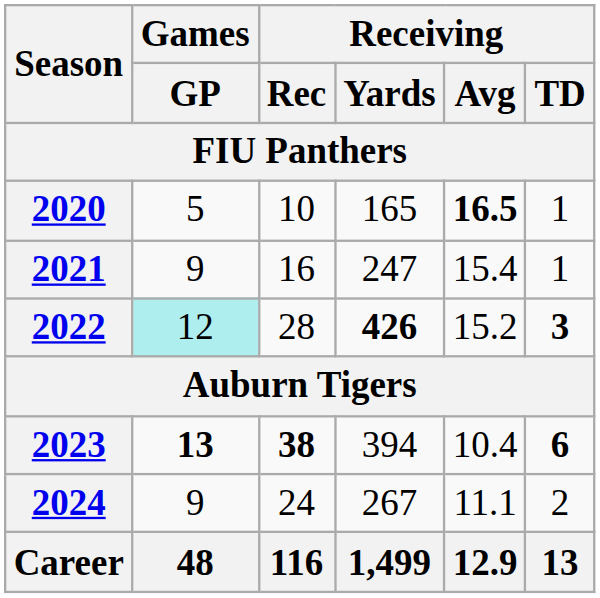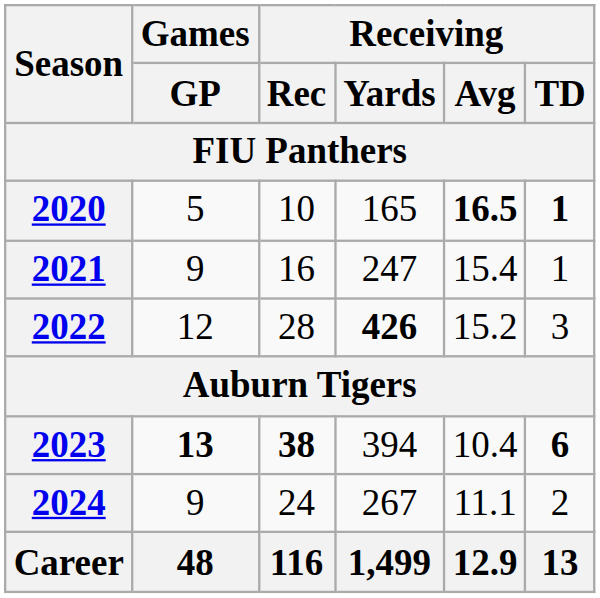 <table class="wikitable" style="text-align:center;">
 <tr>
 <th rowspan="2">Season</th>
 <th>Games</th>
 <th colspan="4">Receiving</th>
 </tr>
 <tr>
 <th>GP</th>
 <th>Rec</th>
 <th>Yards</th>
 <th>Avg</th>
 <th>TD</th>
 </tr>
 <tr>
 <th colspan="6">FIU Panthers</th>
 </tr>
 <tr>
 <th><a href='#'>2020</a></th>
 <td>5</td>
 <td>10</td>
 <td>165</td>
 <td><strong>16.5</strong></td>
-<td>1</td>
+<td><strong>1</strong></td>
 </tr>
 <tr>
 <th><a href='#'>2021</a></th>
 <td>9</td>
 <td>16</td>
 <td>247</td>
 <td>15.4</td>
 <td>1</td>
 </tr>
 <tr>
 <th><a href='#'>2022</a></th>
-<td style="background: paleturquoise;">12</td>
+<td>12</td>
 <td>28</td>
 <td><strong>426</strong></td>
 <td>15.2</td>
-<td><strong>3</strong></td>
+<td>3</td>
 </tr>
 <tr>
 <th colspan="6">Auburn Tigers</th>
 </tr>
 <tr>
 <th><a href='#'>2023</a></th>
 <td><strong>13</strong></td>
 <td><strong>38</strong></td>
 <td>394</td>
 <td>10.4</td>
 <td><strong>6</strong></td>
 </tr>
 <tr>
 <th><a href='#'>2024</a></th>
 <td>9</td>
 <td>24</td>
 <td>267</td>
 <td>11.1</td>
 <td>2</td>
 </tr>
 <tr>
 <th>Career</th>
 <th>48</th>
 <th>116</th>
 <th>1,499</th>
 <th>12.9</th>
 <th>13</th>
 </tr>
 </table>
